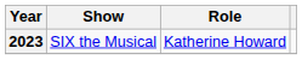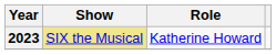 <table class="wikitable plainrowheaders">
 <tr>
 <th scope="col">Year</th>
 <th scope="col">Show</th>
 <th scope="col">Role</th>
 <th scope="col" class="unsortable"></th>
 </tr>
 <tr>
 <th scope="row">2023</th>
-<td><a href='#'>SIX the Musical</a></td>
+<td style="background: khaki;"><a href='#'>SIX the Musical</a></td>
 <td><a href='#'>Katherine Howard</a></td>
 <td></td>
 </tr>
 <tr>
 </tr>
 </table>
